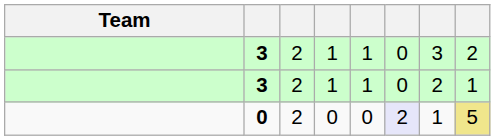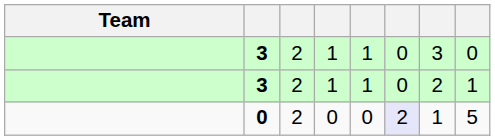 <table class="wikitable" style="text-align: center;">
 <tr>
 <th width=180>Team</th>
 <th width=20></th>
 <th width=20></th>
 <th width=20></th>
 <th width=20></th>
 <th width=20></th>
 <th width=20></th>
 <th width=20></th>
 </tr>
 <tr bgcolor=ccffcc>
 <td align=left></td>
 <td><strong>3</strong></td>
 <td>2</td>
 <td>1</td>
 <td>1</td>
 <td>0</td>
 <td>3</td>
-<td>2</td>
+<td>0</td>
 </tr>
 <tr bgcolor=ccffcc>
 <td align=left></td>
 <td><strong>3</strong></td>
 <td>2</td>
 <td>1</td>
 <td>1</td>
 <td>0</td>
 <td>2</td>
 <td>1</td>
 </tr>
 <tr>
 <td align=left></td>
 <td><strong>0</strong></td>
 <td>2</td>
 <td>0</td>
 <td>0</td>
 <td style="background: lavender;">2</td>
 <td>1</td>
-<td style="background: khaki;">5</td>
+<td>5</td>
 </tr>
 </table>
